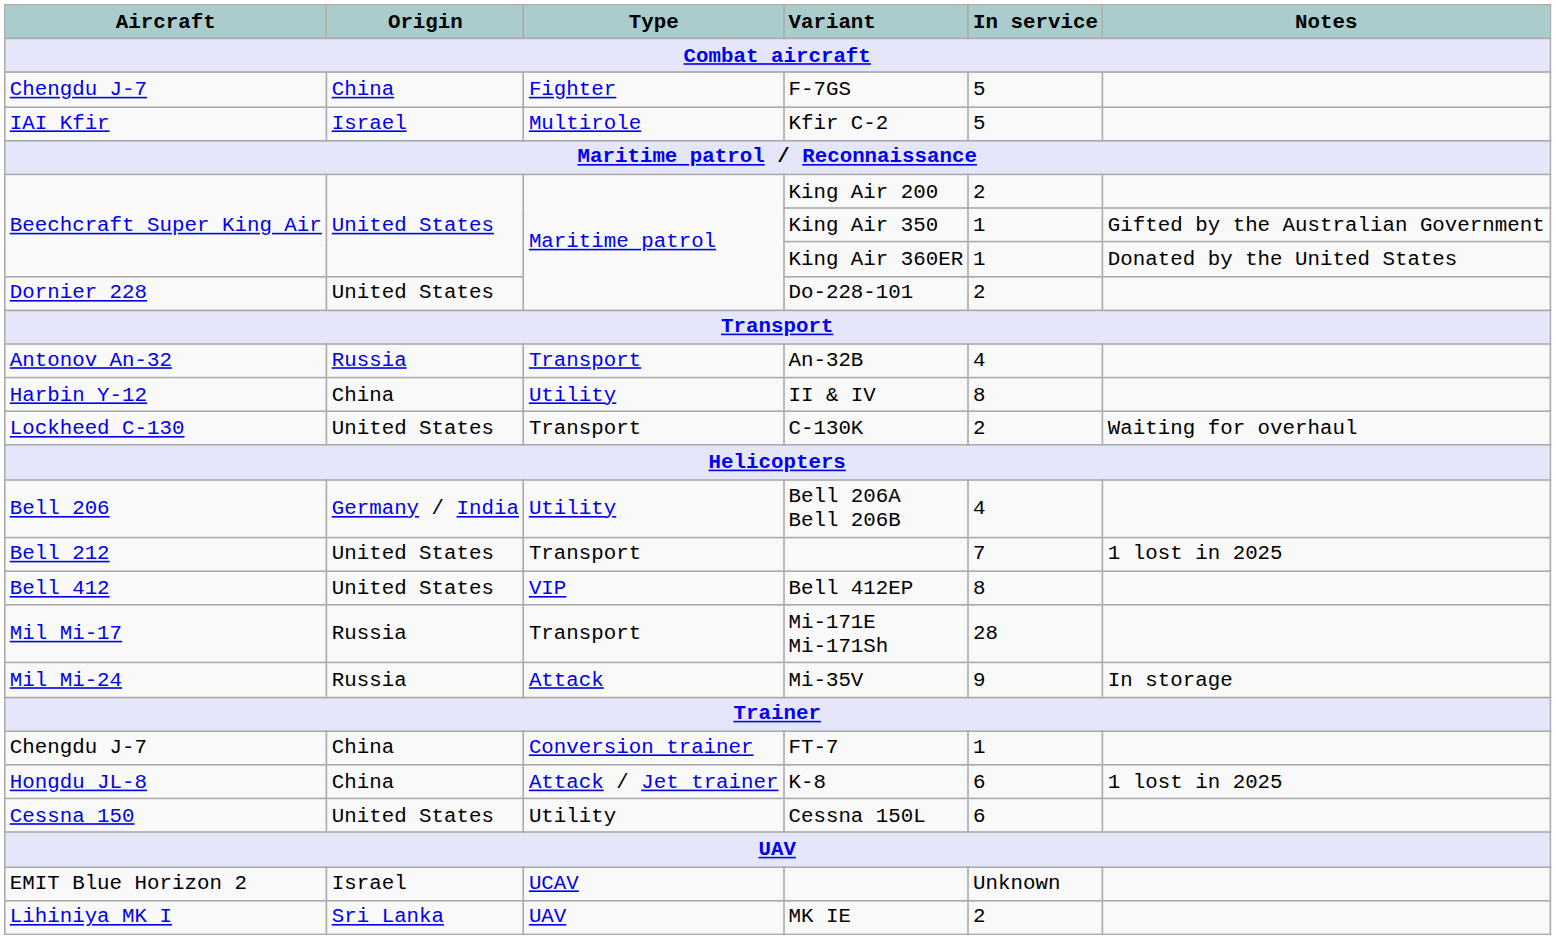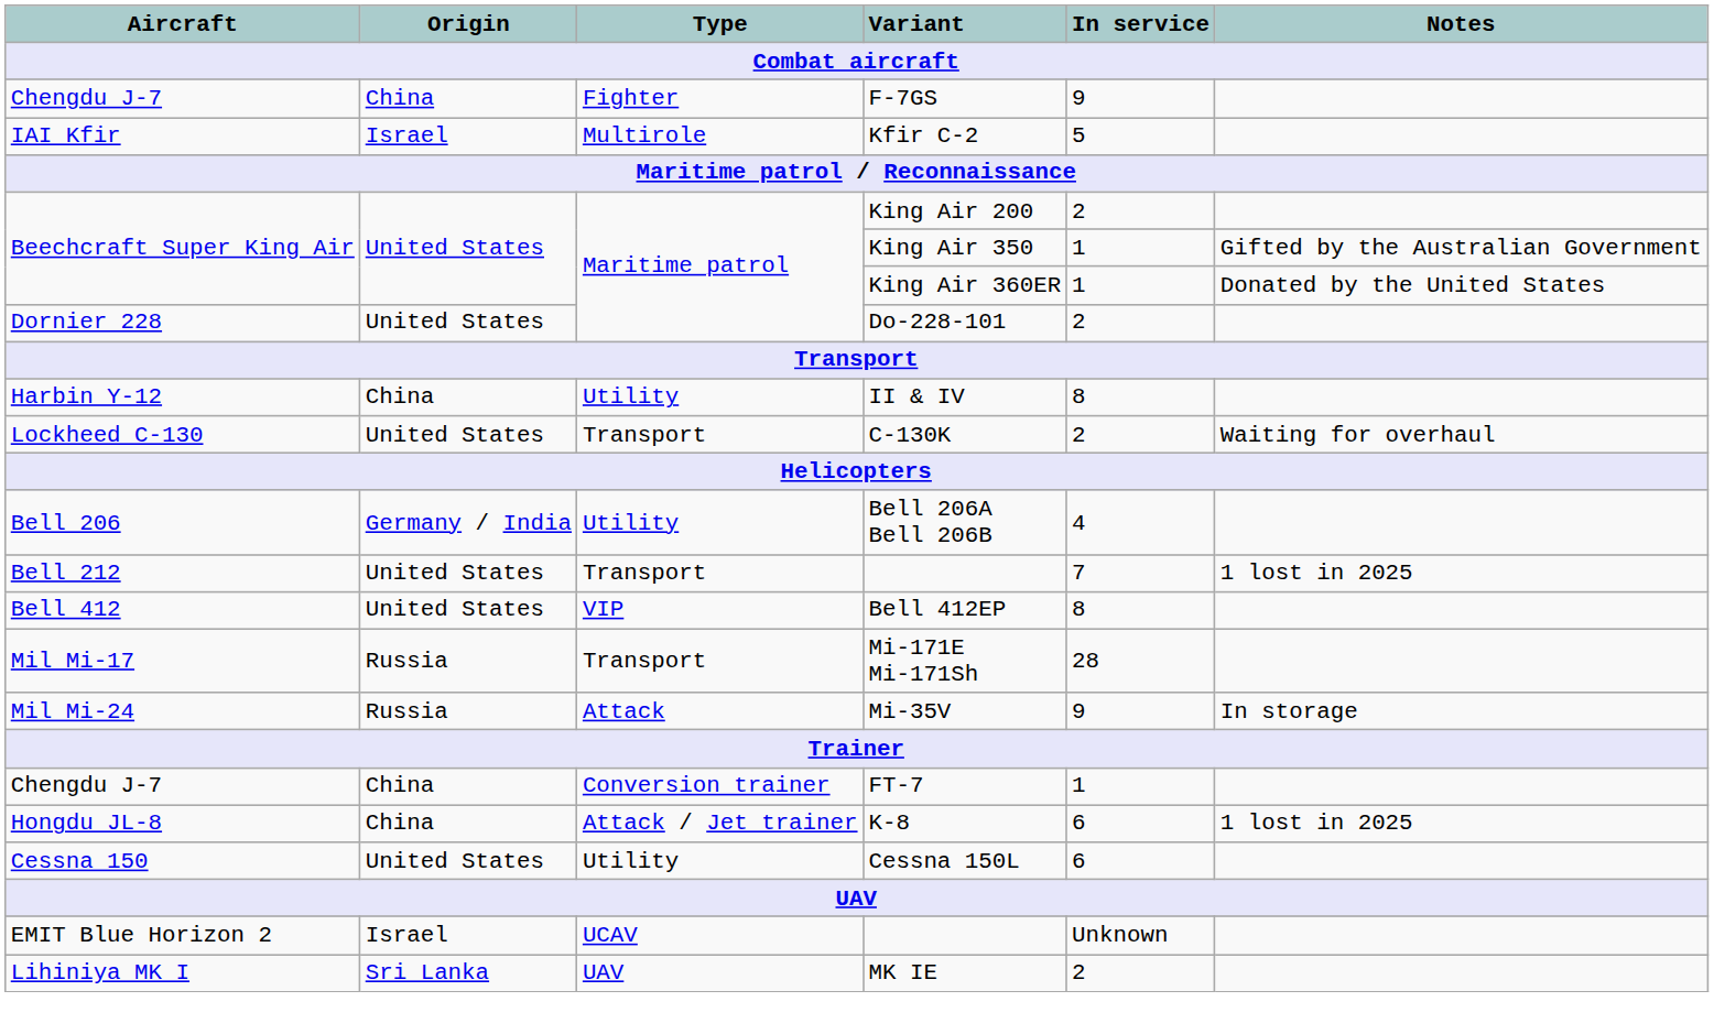 <table class="wikitable">
 <tr>
 <th style="text-align:center; background:#acc;">Aircraft</th>
 <th style="text-align: center; background:#acc;">Origin</th>
 <th style="text-align:l center; background:#acc;">Type</th>
 <th style="text-align:left; background:#acc;">Variant</th>
 <th style="text-align:center; background:#acc;">In service</th>
 <th style="text-align: center; background:#acc;">Notes</th>
 </tr>
 <tr>
 <th colspan="6" style="align: center; background: lavender;"><a href='#'>Combat aircraft</a></th>
 </tr>
 <tr>
 <td><a href='#'>Chengdu J-7</a></td>
 <td><a href='#'>China</a></td>
 <td><a href='#'>Fighter</a></td>
 <td>F-7GS</td>
-<td>5</td>
+<td>9</td>
 <td></td>
 </tr>
 <tr>
 <td><a href='#'>IAI Kfir</a></td>
 <td><a href='#'>Israel</a></td>
 <td><a href='#'>Multirole</a></td>
 <td>Kfir C-2</td>
 <td>5</td>
 <td></td>
 </tr>
 <tr>
 <th colspan="6" style="align: center; background: lavender;"><a href='#'>Maritime patrol</a> / <a href='#'>Reconnaissance</a></th>
 </tr>
 <tr>
 <td rowspan="3"><a href='#'>Beechcraft Super King Air</a></td>
 <td rowspan="3"><a href='#'>United States</a></td>
 <td rowspan="4"><a href='#'>Maritime patrol</a></td>
 <td>King Air 200</td>
 <td>2</td>
 <td></td>
 </tr>
 <tr>
 <td>King Air 350</td>
 <td>1</td>
 <td>Gifted by the Australian Government</td>
 </tr>
 <tr>
 <td>King Air 360ER</td>
 <td>1</td>
 <td>Donated by the United States</td>
 </tr>
 <tr>
 <td><a href='#'>Dornier 228</a></td>
 <td>United States</td>
 <td>Do-228-101</td>
 <td>2</td>
 <td></td>
 </tr>
 <tr>
 <th colspan="6" style="align: center; background: lavender;"><a href='#'>Transport</a></th>
-</tr>
-<tr>
-<td><a href='#'>Antonov An-32</a></td>
-<td><a href='#'>Russia</a></td>
-<td><a href='#'>Transport</a></td>
-<td>An-32B</td>
-<td>4</td>
-<td></td>
 </tr>
 <tr>
 <td><a href='#'>Harbin Y-12</a></td>
 <td>China</td>
 <td><a href='#'>Utility</a></td>
 <td>II & IV</td>
 <td>8</td>
 <td></td>
 </tr>
 <tr>
 <td><a href='#'>Lockheed C-130</a></td>
 <td>United States</td>
 <td>Transport</td>
 <td>C-130K</td>
 <td>2</td>
 <td>Waiting for overhaul </td>
 </tr>
 <tr>
 <th colspan="6" style="align: center; background: lavender;"><a href='#'>Helicopters</a></th>
 </tr>
 <tr>
 <td><a href='#'>Bell 206</a></td>
 <td><a href='#'>Germany</a> / <a href='#'>India</a></td>
 <td><a href='#'>Utility</a></td>
 <td>Bell 206A<br>Bell 206B</td>
 <td>4</td>
 <td></td>
 </tr>
 <tr>
 <td><a href='#'>Bell 212</a></td>
 <td>United States</td>
 <td>Transport</td>
 <td></td>
 <td>7</td>
 <td>1 lost in 2025</td>
 </tr>
 <tr>
 <td><a href='#'>Bell 412</a></td>
 <td>United States</td>
 <td><a href='#'>VIP</a></td>
 <td>Bell 412EP</td>
 <td>8</td>
 <td></td>
 </tr>
 <tr>
 <td><a href='#'>Mil Mi-17</a></td>
 <td>Russia</td>
 <td>Transport</td>
 <td>Mi-171E<br>Mi-171Sh</td>
 <td>28</td>
 <td></td>
 </tr>
 <tr>
 <td><a href='#'>Mil Mi-24</a></td>
 <td>Russia</td>
 <td><a href='#'>Attack</a></td>
 <td>Mi-35V</td>
 <td>9</td>
 <td>In storage</td>
 </tr>
 <tr>
 <th colspan="6" style="align: center; background: lavender;"><a href='#'>Trainer</a></th>
 </tr>
 <tr>
 <td>Chengdu J-7</td>
 <td>China</td>
 <td><a href='#'>Conversion trainer</a></td>
 <td>FT-7</td>
 <td>1</td>
 <td></td>
 </tr>
 <tr>
 <td><a href='#'>Hongdu JL-8</a></td>
 <td>China</td>
 <td><a href='#'>Attack</a> / <a href='#'>Jet trainer</a></td>
 <td>K-8</td>
 <td>6</td>
 <td>1 lost in 2025</td>
 </tr>
 <tr>
 <td><a href='#'>Cessna 150</a></td>
 <td>United States</td>
 <td>Utility</td>
 <td>Cessna 150L</td>
 <td>6</td>
 <td></td>
 </tr>
 <tr>
 <th colspan="6" style="align: center; background: lavender;"><a href='#'>UAV</a></th>
 </tr>
 <tr>
 <td>EMIT Blue Horizon 2</td>
 <td>Israel</td>
 <td><a href='#'>UCAV</a></td>
 <td></td>
 <td>Unknown</td>
 <td></td>
 </tr>
 <tr>
 <td><a href='#'>Lihiniya MK I</a></td>
 <td><a href='#'>Sri Lanka</a></td>
 <td><a href='#'>UAV</a></td>
 <td>MK IE</td>
 <td>2</td>
 <td></td>
 </tr>
 </table>
